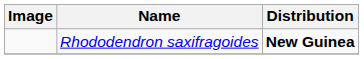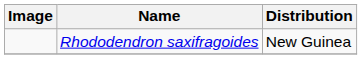 <table class="wikitable collapsible">
 <tr>
 <th>Image</th>
 <th>Name</th>
 <th>Distribution</th>
 </tr>
 <tr>
 <td></td>
 <td><em><a href='#'>Rhododendron saxifragoides</a></em> </td>
-<td><strong>New Guinea</strong></td>
+<td>New Guinea</td>
 </tr>
 <tr>
 </tr>
 </table>
